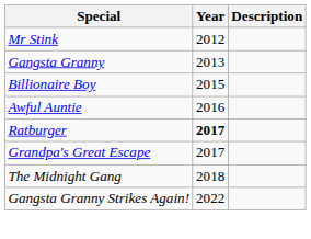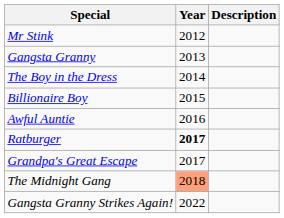 <table class="wikitable sortable">
 <tr>
 <th>Special</th>
 <th>Year</th>
 <th>Description</th>
 </tr>
 <tr>
 <td><em><a href='#'>Mr Stink</a></em></td>
 <td>2012</td>
 <td></td>
 </tr>
 <tr>
 <td><em><a href='#'>Gangsta Granny</a></em></td>
 <td>2013</td>
+<td></td>
+</tr>
+<tr>
+<td><em><a href='#'>The Boy in the Dress</a></em></td>
+<td>2014</td>
 <td></td>
 </tr>
 <tr>
 <td><em><a href='#'>Billionaire Boy</a></em></td>
 <td>2015</td>
 <td></td>
 </tr>
 <tr>
 <td><em><a href='#'>Awful Auntie</a></em></td>
 <td>2016</td>
 <td></td>
 </tr>
 <tr>
 <td><em><a href='#'>Ratburger</a></em></td>
 <td><strong>2017</strong></td>
 <td></td>
 </tr>
 <tr>
 <td><em><a href='#'>Grandpa's Great Escape</a></em></td>
 <td>2017</td>
 <td></td>
 </tr>
 <tr>
 <td><em>The Midnight Gang</em></td>
-<td>2018</td>
+<td style="background: lightsalmon;">2018</td>
 <td></td>
 </tr>
 <tr>
 <td><em>Gangsta Granny Strikes Again!</em></td>
 <td>2022</td>
 <td></td>
 </tr>
 </table>
